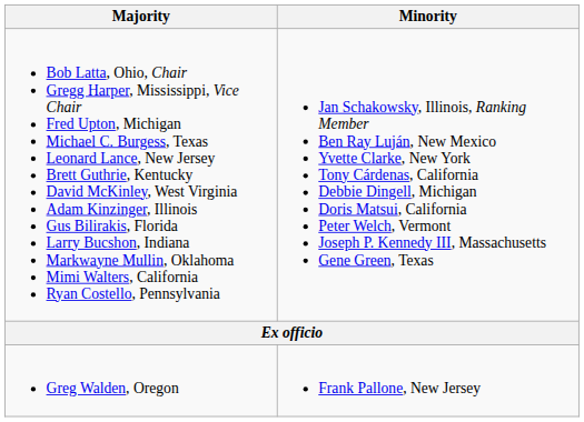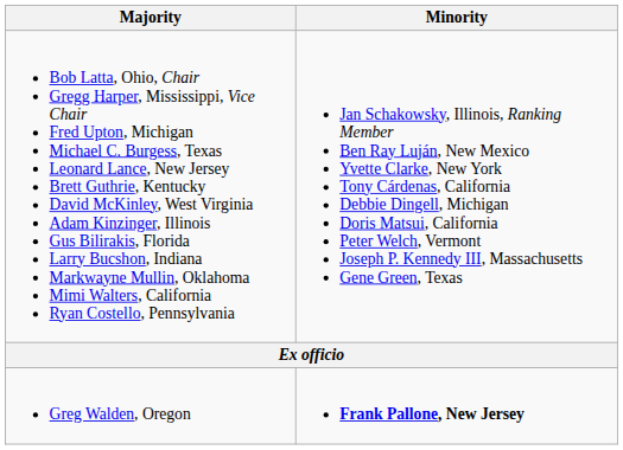 <table class=wikitable>
 <tr>
 <th>Majority</th>
 <th>Minority</th>
 </tr>
 <tr>
 <td><br><ul><li><a href='#'>Bob Latta</a>, Ohio, <em>Chair</em></li><li><a href='#'>Gregg Harper</a>, Mississippi, <em>Vice Chair</em></li><li><a href='#'>Fred Upton</a>, Michigan</li><li><a href='#'>Michael C. Burgess</a>, Texas</li><li><a href='#'>Leonard Lance</a>, New Jersey</li><li><a href='#'>Brett Guthrie</a>, Kentucky</li><li><a href='#'>David McKinley</a>, West Virginia</li><li><a href='#'>Adam Kinzinger</a>, Illinois</li><li><a href='#'>Gus Bilirakis</a>, Florida</li><li><a href='#'>Larry Bucshon</a>, Indiana</li><li><a href='#'>Markwayne Mullin</a>, Oklahoma</li><li><a href='#'>Mimi Walters</a>, California</li><li><a href='#'>Ryan Costello</a>, Pennsylvania</li></ul></td>
 <td><br><ul><li><a href='#'>Jan Schakowsky</a>, Illinois, <em>Ranking Member</em></li><li><a href='#'>Ben Ray Luján</a>, New Mexico</li><li><a href='#'>Yvette Clarke</a>, New York</li><li><a href='#'>Tony Cárdenas</a>, California</li><li><a href='#'>Debbie Dingell</a>, Michigan</li><li><a href='#'>Doris Matsui</a>, California</li><li><a href='#'>Peter Welch</a>, Vermont</li><li><a href='#'>Joseph P. Kennedy III</a>, Massachusetts</li><li><a href='#'>Gene Green</a>, Texas</li></ul></td>
 </tr>
 <tr>
 <th colspan=2><em>Ex officio</em></th>
 </tr>
 <tr>
 <td><br><ul><li><a href='#'>Greg Walden</a>, Oregon</li></ul></td>
-<td><br><ul><li><a href='#'>Frank Pallone</a>, New Jersey</li></ul></td>
+<td><strong><br><ul><li><a href='#'>Frank Pallone</a>, New Jersey</li></ul></strong></td>
 </tr>
 </table>
